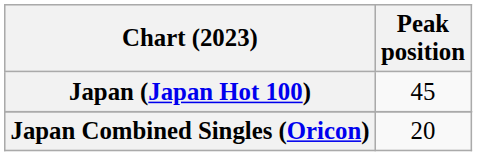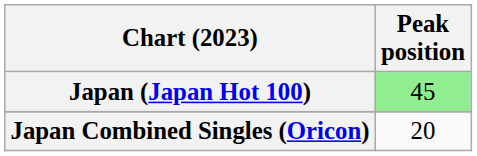 <table class="wikitable sortable plainrowheaders" style="text-align:center">
 <tr>
 <th scope="col">Chart (2023)</th>
 <th scope="col">Peak<br>position</th>
 </tr>
 <tr>
 <th scope="row">Japan (<a href='#'>Japan Hot 100</a>)</th>
-<td>45</td>
+<td style="background: lightgreen;">45</td>
 </tr>
 <tr>
 </tr>
 <tr>
 <th scope="row">Japan Combined Singles (<a href='#'>Oricon</a>)</th>
 <td>20</td>
 </tr>
 </table>
